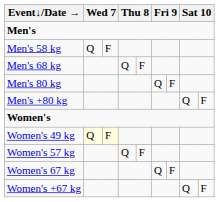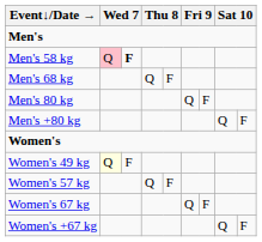 <table class="wikitable olympic-schedule taekwondo">
 <tr>
 <th>Event↓/Date →</th>
 <th colspan=2>Wed 7</th>
 <th colspan=2>Thu 8</th>
 <th colspan=2>Fri 9</th>
 <th colspan=2>Sat 10</th>
 </tr>
 <tr>
 <td colspan=9><strong>Men's</strong></td>
 </tr>
 <tr>
 <td align=left><a href='#'>Men's 58 kg</a></td>
-<td class="qualifiers">Q</td>
-<td class="final">F</td>
+<td class="qualifiers" style="background: pink;">Q</td>
+<td class="final"><strong>F</strong></td>
 <td colspan=2></td>
 <td colspan=2></td>
 <td colspan=2></td>
 </tr>
 <tr>
 <td align=left><a href='#'>Men's 68 kg</a></td>
 <td colspan=2></td>
 <td class="qualifiers">Q</td>
 <td class="final">F</td>
 <td colspan=2></td>
 <td colspan=2></td>
 </tr>
 <tr>
 <td align=left><a href='#'>Men's 80 kg</a></td>
 <td colspan=2></td>
 <td colspan=2></td>
 <td class="qualifiers">Q</td>
 <td class="final">F</td>
 <td colspan=2></td>
 </tr>
 <tr>
 <td align=left><a href='#'>Men's +80 kg</a></td>
 <td colspan=2></td>
 <td colspan=2></td>
 <td colspan=2></td>
 <td class="qualifiers">Q</td>
 <td class="final">F</td>
 </tr>
 <tr>
 <td colspan=9><strong>Women's</strong></td>
 </tr>
 <tr>
 <td align=left><a href='#'>Women's 49 kg</a></td>
 <td class="qualifiers" style="background: lightyellow;">Q</td>
-<td class="final" style="background: lightyellow;">F</td>
+<td class="final">F</td>
 <td colspan=2></td>
 <td colspan=2></td>
 <td colspan=2></td>
 </tr>
 <tr>
 <td align=left><a href='#'>Women's 57 kg</a></td>
 <td colspan=2></td>
 <td class="qualifiers">Q</td>
 <td class="final">F</td>
 <td colspan=2></td>
 <td colspan=2></td>
 </tr>
 <tr>
 <td align=left><a href='#'>Women's 67 kg</a></td>
 <td colspan=2></td>
 <td colspan=2></td>
 <td class="qualifiers">Q</td>
 <td class="final">F</td>
 <td colspan=2></td>
 </tr>
 <tr>
 <td align=left><a href='#'>Women's +67 kg</a></td>
 <td colspan=2></td>
 <td colspan=2></td>
 <td colspan=2></td>
 <td class="qualifiers">Q</td>
 <td class="final">F</td>
 </tr>
 </table>
